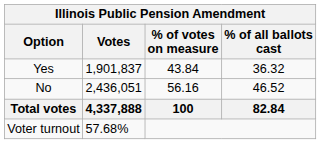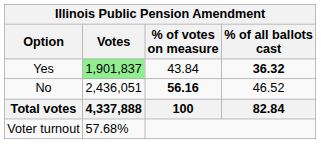 <table class="wikitable">
 <tr>
 <th colspan=4 text align=center>Illinois Public Pension Amendment</th>
 </tr>
 <tr>
 <th>Option</th>
 <th>Votes</th>
 <th>% of votes<br>on measure</th>
 <th>% of all ballots<br>cast</th>
 </tr>
 <tr>
 <td text align=center>Yes</td>
-<td text align=center>1,901,837</td>
+<td text align=center style="background: lightgreen;">1,901,837</td>
 <td text align=center>43.84</td>
-<td text align=center>36.32</td>
+<td text align=center><strong>36.32</strong></td>
 </tr>
 <tr>
 <td text align=center>No</td>
 <td text align=center>2,436,051</td>
-<td text align=center>56.16</td>
+<td text align=center><strong>56.16</strong></td>
 <td text align=center>46.52</td>
 </tr>
 <tr>
 <th text align=center>Total votes</th>
 <th text align=center><strong>4,337,888</strong></th>
 <th text align=center><strong>100</strong></th>
 <th text align=center><strong>82.84</strong></th>
 </tr>
 <tr>
 <td>Voter turnout</td>
 <td>57.68%</td>
 </tr>
 </table>
